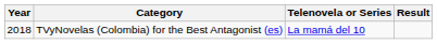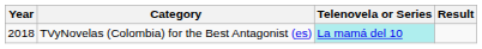 <table class="wikitable">
 <tr>
 <th><strong>Year</strong></th>
 <th><strong>Category</strong></th>
 <th><strong>Telenovela or Series</strong></th>
 <th>Result</th>
 </tr>
 <tr>
 <td rowspan=2>2018</td>
 <td>TVyNovelas (Colombia) for the Best Antagonist <a href='#'>(es)</a></td>
-<td><a href='#'>La mamá del 10</a></td>
+<td style="background: paleturquoise;"><a href='#'>La mamá del 10</a></td>
 <td></td>
 </tr>
 </table>
